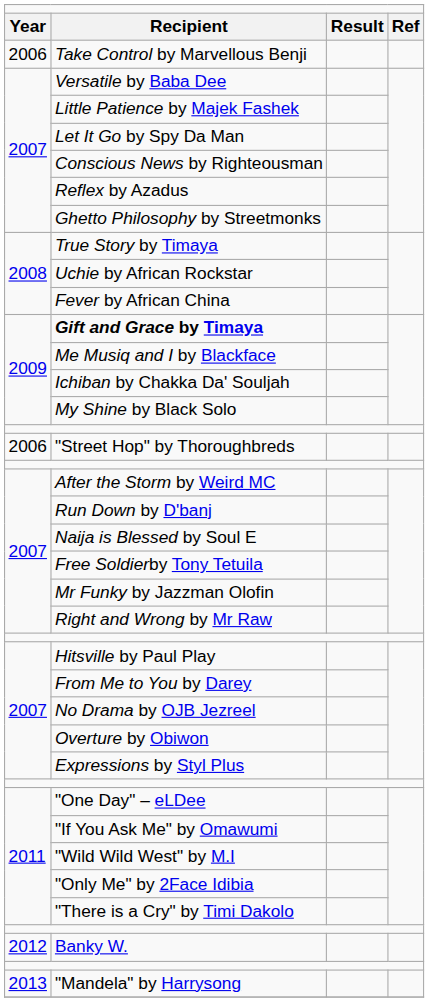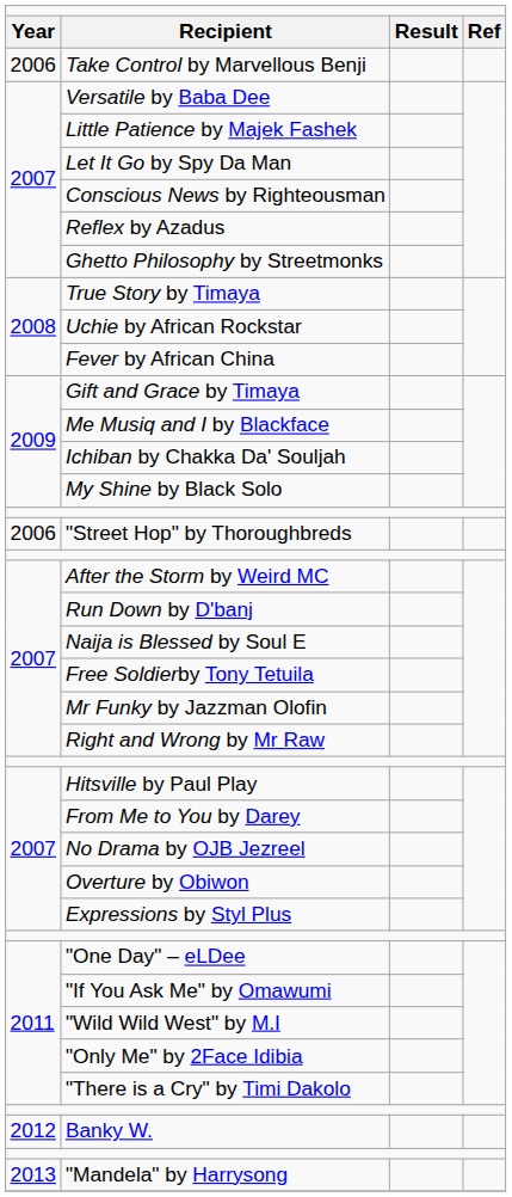 <table class ="wikitable">
 <tr>
 <td colspan="5" style="font-size:110%"></td>
 </tr>
 <tr>
 <th>Year</th>
 <th>Recipient</th>
 <th>Result</th>
 <th>Ref</th>
 </tr>
 <tr>
 <td>2006</td>
 <td><em>Take Control</em> by Marvellous Benji</td>
 <td></td>
 <td></td>
 </tr>
 <tr>
 <td rowspan="6"><a href='#'>2007</a></td>
 <td><em>Versatile</em> by <a href='#'>Baba Dee</a></td>
 <td></td>
 <td rowspan="6"></td>
 </tr>
 <tr>
 <td><em>Little Patience</em> by <a href='#'>Majek Fashek</a></td>
 <td></td>
 </tr>
 <tr>
 <td><em>Let It Go</em> by Spy Da Man</td>
 <td></td>
 </tr>
 <tr>
 <td><em>Conscious News</em> by Righteousman</td>
 <td></td>
 </tr>
 <tr>
 <td><em>Reflex</em> by Azadus</td>
 <td></td>
 </tr>
 <tr>
 <td><em>Ghetto Philosophy</em> by Streetmonks</td>
 <td></td>
 </tr>
 <tr>
 <td rowspan="3"><a href='#'>2008</a></td>
 <td><em>True Story</em> by <a href='#'>Timaya</a></td>
 <td></td>
 <td rowspan="3"></td>
 </tr>
 <tr>
 <td><em>Uchie</em> by African Rockstar</td>
 <td></td>
 </tr>
 <tr>
 <td><em>Fever</em> by African China</td>
 <td></td>
 </tr>
 <tr>
 <td rowspan="4"><a href='#'>2009</a></td>
-<td><strong><em>Gift and Grace</em> by <a href='#'>Timaya</a></strong></td>
+<td><em>Gift and Grace</em> by <a href='#'>Timaya</a></td>
 <td></td>
 <td rowspan="4"></td>
 </tr>
 <tr>
 <td><em>Me Musiq and I</em> by <a href='#'>Blackface</a></td>
 <td></td>
 </tr>
 <tr>
 <td><em>Ichiban</em> by Chakka Da' Souljah</td>
 <td></td>
 </tr>
 <tr>
 <td><em>My Shine</em> by Black Solo</td>
 <td></td>
 </tr>
 <tr>
 <td colspan="4" style="font-size:110%"></td>
 </tr>
 <tr>
 <td>2006</td>
 <td>"Street Hop" by Thoroughbreds</td>
 <td></td>
 <td></td>
 </tr>
 <tr>
 <td colspan="4" style="font-size:110%"></td>
 </tr>
 <tr>
 <td rowspan="6"><a href='#'>2007</a></td>
 <td><em>After the Storm</em> by <a href='#'>Weird MC</a></td>
 <td></td>
 <td rowspan="6"></td>
 </tr>
 <tr>
 <td><em>Run Down</em> by <a href='#'>D'banj</a></td>
 <td></td>
 </tr>
 <tr>
 <td><em>Naija is Blessed</em> by Soul E</td>
 <td></td>
 </tr>
 <tr>
 <td><em>Free Soldier</em>by <a href='#'>Tony Tetuila</a></td>
 <td></td>
 </tr>
 <tr>
 <td><em>Mr Funky</em> by Jazzman Olofin</td>
 <td></td>
 </tr>
 <tr>
 <td><em>Right and Wrong</em> by <a href='#'>Mr Raw</a></td>
 <td></td>
 </tr>
 <tr>
 <td colspan="4" style="font-size:110%"></td>
 </tr>
 <tr>
 <td rowspan="5"><a href='#'>2007</a></td>
 <td><em>Hitsville</em> by Paul Play</td>
 <td></td>
 <td rowspan="5"></td>
 </tr>
 <tr>
 <td><em>From Me to You</em> by <a href='#'>Darey</a></td>
 <td></td>
 </tr>
 <tr>
 <td><em>No Drama</em> by <a href='#'>OJB Jezreel</a></td>
 <td></td>
 </tr>
 <tr>
 <td><em>Overture</em> by <a href='#'>Obiwon</a></td>
 <td></td>
 </tr>
 <tr>
 <td><em>Expressions</em> by <a href='#'>Styl Plus</a></td>
 <td></td>
 </tr>
 <tr>
 <td colspan="4" style="font-size:110%"></td>
 </tr>
 <tr>
 <td rowspan="5"><a href='#'>2011</a></td>
 <td>"One Day" – <a href='#'>eLDee</a></td>
 <td></td>
 <td rowspan="5"></td>
 </tr>
 <tr>
 <td>"If You Ask Me" by <a href='#'>Omawumi</a></td>
 <td></td>
 </tr>
 <tr>
 <td>"Wild Wild West" by <a href='#'>M.I</a></td>
 <td></td>
 </tr>
 <tr>
 <td>"Only Me" by <a href='#'>2Face Idibia</a></td>
 <td></td>
 </tr>
 <tr>
 <td>"There is a Cry" by <a href='#'>Timi Dakolo</a></td>
 <td></td>
 </tr>
 <tr>
 <td colspan="4" style="font-size:110%"></td>
 </tr>
 <tr>
 <td><a href='#'>2012</a></td>
 <td><a href='#'>Banky W.</a></td>
 <td></td>
 <td></td>
 </tr>
 <tr>
 <td colspan="4" style="font-size:110%"></td>
 </tr>
 <tr>
 <td><a href='#'>2013</a></td>
 <td>"Mandela" by <a href='#'>Harrysong</a></td>
 <td></td>
 <td></td>
 </tr>
 <tr>
 </tr>
 </table>
